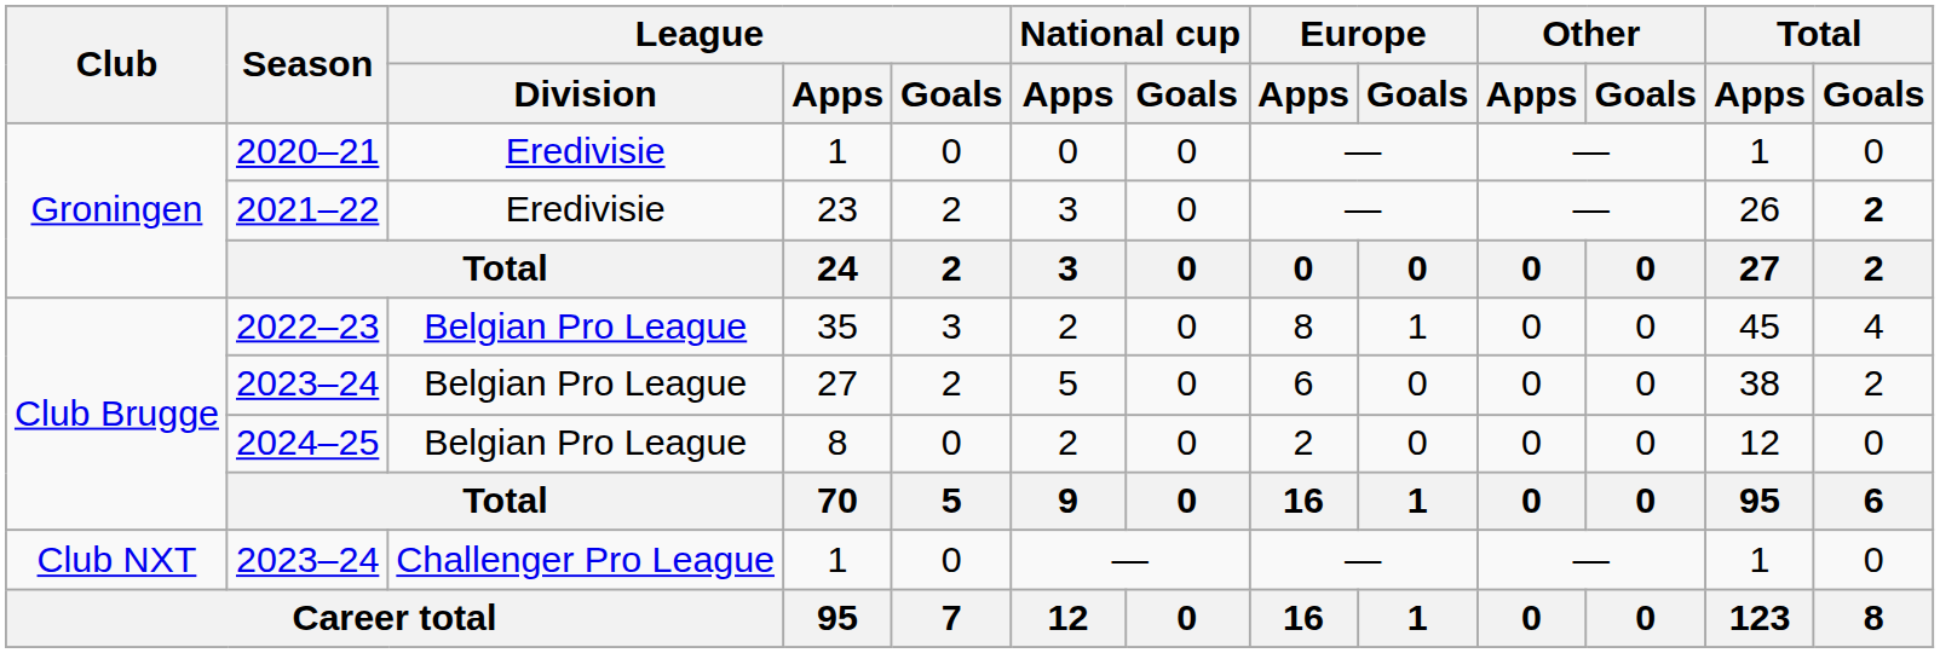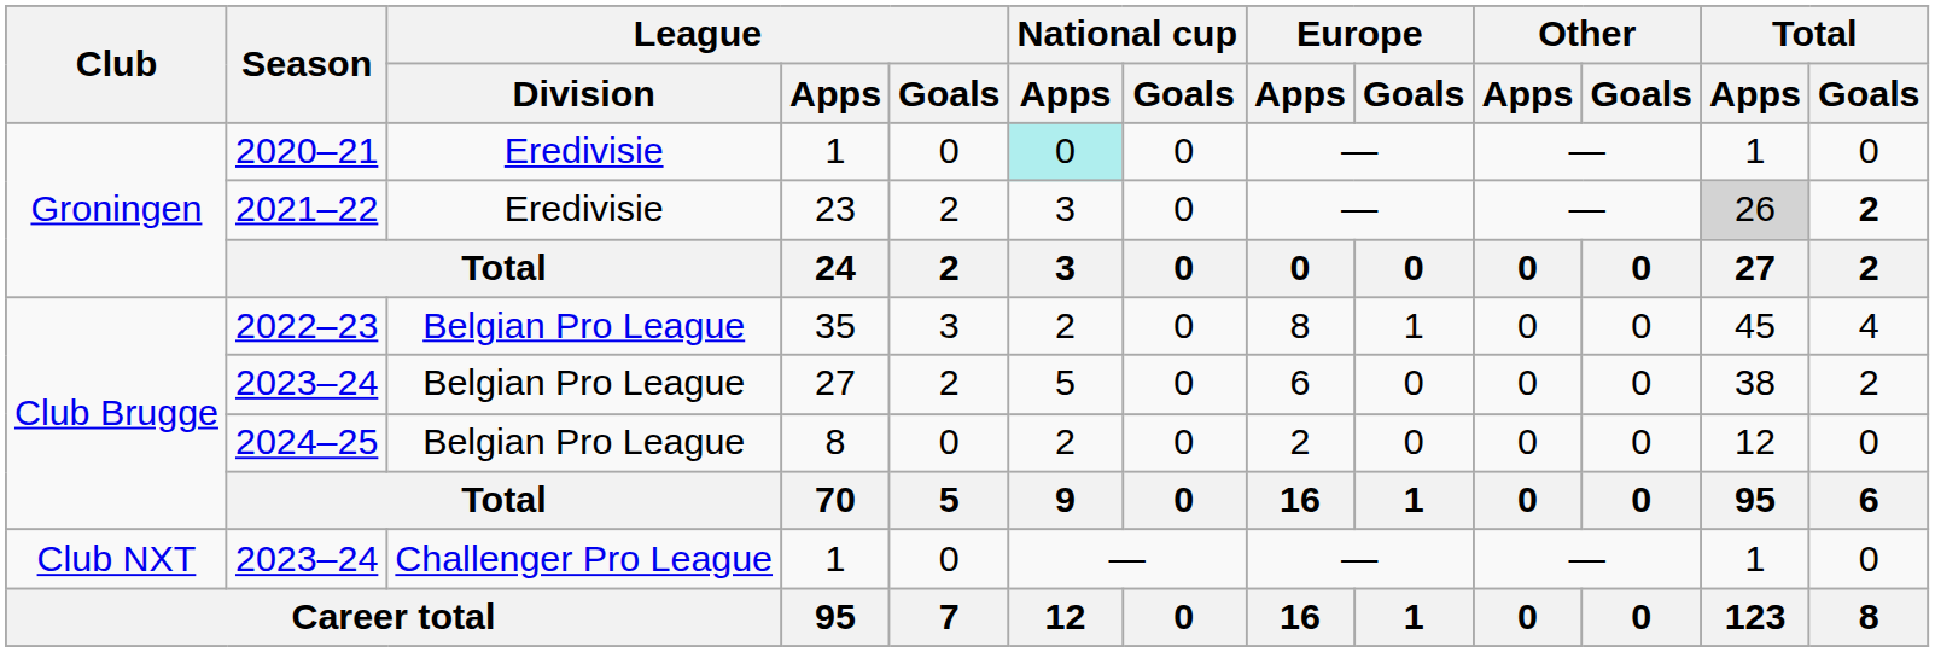 <table class="wikitable" style="text-align: center">
 <tr>
 <th rowspan="2">Club</th>
 <th rowspan="2">Season</th>
 <th colspan="3">League</th>
 <th colspan="2">National cup</th>
 <th colspan="2">Europe</th>
 <th colspan="2">Other</th>
 <th colspan="2">Total</th>
 </tr>
 <tr>
 <th>Division</th>
 <th>Apps</th>
 <th>Goals</th>
 <th>Apps</th>
 <th>Goals</th>
 <th>Apps</th>
 <th>Goals</th>
 <th>Apps</th>
 <th>Goals</th>
 <th>Apps</th>
 <th>Goals</th>
 </tr>
 <tr>
 <td rowspan="3"><a href='#'>Groningen</a></td>
 <td><a href='#'>2020–21</a></td>
 <td><a href='#'>Eredivisie</a></td>
 <td>1</td>
 <td>0</td>
-<td>0</td>
+<td style="background: paleturquoise;">0</td>
 <td>0</td>
 <td colspan="2">—</td>
 <td colspan="2">—</td>
 <td>1</td>
 <td>0</td>
 </tr>
 <tr>
 <td><a href='#'>2021–22</a></td>
 <td>Eredivisie</td>
 <td>23</td>
 <td>2</td>
 <td>3</td>
 <td>0</td>
 <td colspan="2">—</td>
 <td colspan="2">—</td>
-<td>26</td>
+<td style="background: lightgrey;">26</td>
 <td><strong>2</strong></td>
 </tr>
 <tr>
 <th colspan="2">Total</th>
 <th>24</th>
 <th>2</th>
 <th>3</th>
 <th>0</th>
 <th>0</th>
 <th>0</th>
 <th>0</th>
 <th>0</th>
 <th>27</th>
 <th>2</th>
 </tr>
 <tr>
 <td rowspan="4"><a href='#'>Club Brugge</a></td>
 <td><a href='#'>2022–23</a></td>
 <td><a href='#'>Belgian Pro League</a></td>
 <td>35</td>
 <td>3</td>
 <td>2</td>
 <td>0</td>
 <td>8</td>
 <td>1</td>
 <td>0</td>
 <td>0</td>
 <td>45</td>
 <td>4</td>
 </tr>
 <tr>
 <td><a href='#'>2023–24</a></td>
 <td>Belgian Pro League</td>
 <td>27</td>
 <td>2</td>
 <td>5</td>
 <td>0</td>
 <td>6</td>
 <td>0</td>
 <td>0</td>
 <td>0</td>
 <td>38</td>
 <td>2</td>
 </tr>
 <tr>
 <td><a href='#'>2024–25</a></td>
 <td>Belgian Pro League</td>
 <td>8</td>
 <td>0</td>
 <td>2</td>
 <td>0</td>
 <td>2</td>
 <td>0</td>
 <td>0</td>
 <td>0</td>
 <td>12</td>
 <td>0</td>
 </tr>
 <tr>
 <th colspan="2">Total</th>
 <th>70</th>
 <th>5</th>
 <th>9</th>
 <th>0</th>
 <th>16</th>
 <th>1</th>
 <th>0</th>
 <th>0</th>
 <th>95</th>
 <th>6</th>
 </tr>
 <tr>
 <td><a href='#'>Club NXT</a></td>
 <td><a href='#'>2023–24</a></td>
 <td><a href='#'>Challenger Pro League</a></td>
 <td>1</td>
 <td>0</td>
 <td colspan="2">—</td>
 <td colspan="2">—</td>
 <td colspan="2">—</td>
 <td>1</td>
 <td>0</td>
 </tr>
 <tr>
 <th colspan="3">Career total</th>
 <th>95</th>
 <th>7</th>
 <th>12</th>
 <th>0</th>
 <th>16</th>
 <th>1</th>
 <th>0</th>
 <th>0</th>
 <th>123</th>
 <th>8</th>
 </tr>
 </table>
